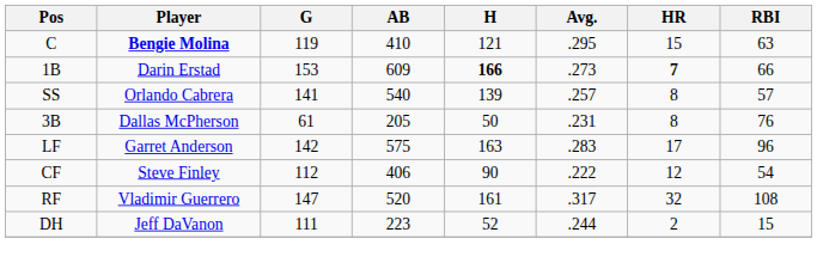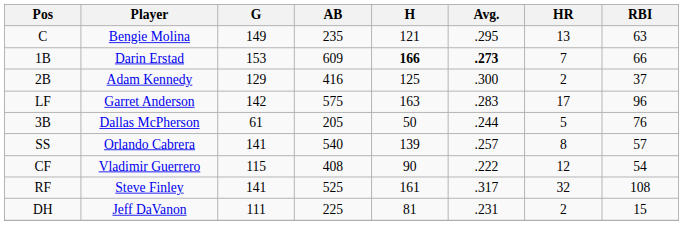 <table class="wikitable sortable">
 <tr>
 <th bgcolor="#DDDDFF" width="9%">Pos</th>
 <th bgcolor="#DDDDFF" width="16%">Player</th>
 <th bgcolor="#DDDDFF" width="9%">G</th>
 <th bgcolor="#DDDDFF" width="9%">AB</th>
 <th bgcolor="#DDDDFF" width="9%">H</th>
 <th bgcolor="#DDDDFF" width="9%">Avg.</th>
 <th bgcolor="#DDDDFF" width="9%">HR</th>
 <th bgcolor="#DDDDFF" width="9%">RBI</th>
 </tr>
 <tr align="center">
 <td>C</td>
-<td><strong><a href='#'>Bengie Molina</a></strong></td>
-<td>119</td>
-<td>410</td>
+<td><a href='#'>Bengie Molina</a></td>
+<td>149</td>
+<td>235</td>
 <td>121</td>
 <td>.295</td>
-<td>15</td>
+<td>13</td>
 <td>63</td>
 </tr>
 <tr align="center">
 <td>1B</td>
 <td><a href='#'>Darin Erstad</a></td>
 <td>153</td>
 <td>609</td>
 <td><strong>166</strong></td>
-<td>.273</td>
-<td><strong>7</strong></td>
+<td><strong>.273</strong></td>
+<td>7</td>
 <td>66</td>
+</tr>
+<tr align="center">
+<td>2B</td>
+<td><a href='#'>Adam Kennedy</a></td>
+<td>129</td>
+<td>416</td>
+<td>125</td>
+<td>.300</td>
+<td>2</td>
+<td>37</td>
+</tr>
+<tr align="center">
+<td>LF</td>
+<td><a href='#'>Garret Anderson</a></td>
+<td>142</td>
+<td>575</td>
+<td>163</td>
+<td>.283</td>
+<td>17</td>
+<td>96</td>
+</tr>
+<tr align="center">
+<td>3B</td>
+<td><a href='#'>Dallas McPherson</a></td>
+<td>61</td>
+<td>205</td>
+<td>50</td>
+<td>.244</td>
+<td>5</td>
+<td>76</td>
 </tr>
 <tr align="center">
 <td>SS</td>
 <td><a href='#'>Orlando Cabrera</a></td>
 <td>141</td>
 <td>540</td>
 <td>139</td>
 <td>.257</td>
 <td>8</td>
 <td>57</td>
 </tr>
 <tr align="center">
-<td>3B</td>
-<td><a href='#'>Dallas McPherson</a></td>
-<td>61</td>
-<td>205</td>
-<td>50</td>
-<td>.231</td>
-<td>8</td>
-<td>76</td>
-</tr>
-<tr align="center">
-<td>LF</td>
-<td><a href='#'>Garret Anderson</a></td>
-<td>142</td>
-<td>575</td>
-<td>163</td>
-<td>.283</td>
-<td>17</td>
-<td>96</td>
-</tr>
-<tr align="center">
 <td>CF</td>
-<td><a href='#'>Steve Finley</a></td>
-<td>112</td>
-<td>406</td>
+<td><a href='#'>Vladimir Guerrero</a></td>
+<td>115</td>
+<td>408</td>
 <td>90</td>
 <td>.222</td>
 <td>12</td>
 <td>54</td>
 </tr>
 <tr align="center">
 <td>RF</td>
-<td><a href='#'>Vladimir Guerrero</a></td>
-<td>147</td>
-<td>520</td>
+<td><a href='#'>Steve Finley</a></td>
+<td>141</td>
+<td>525</td>
 <td>161</td>
 <td>.317</td>
 <td>32</td>
 <td>108</td>
 </tr>
 <tr align="center">
 <td>DH</td>
 <td><a href='#'>Jeff DaVanon</a></td>
 <td>111</td>
-<td>223</td>
-<td>52</td>
-<td>.244</td>
+<td>225</td>
+<td>81</td>
+<td>.231</td>
 <td>2</td>
 <td>15</td>
 </tr>
 <tr align="center">
 </tr>
 </table>
